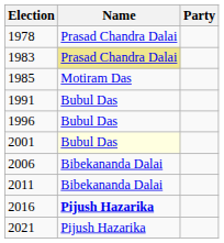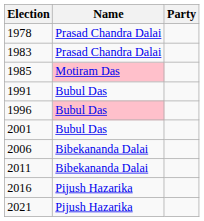 <table class="wikitable sortable">
 <tr>
 <th>Election</th>
 <th>Name</th>
 <th colspan=2>Party</th>
 </tr>
 <tr>
 <td>1978</td>
 <td><a href='#'>Prasad Chandra Dalai</a></td>
 <td></td>
 </tr>
 <tr>
 <td>1983</td>
-<td style="background: khaki;"><a href='#'>Prasad Chandra Dalai</a></td>
+<td><a href='#'>Prasad Chandra Dalai</a></td>
 <td></td>
 </tr>
 <tr>
 <td>1985</td>
-<td><a href='#'>Motiram Das</a></td>
+<td style="background: pink;"><a href='#'>Motiram Das</a></td>
 <td></td>
 </tr>
 <tr>
 <td>1991</td>
 <td><a href='#'>Bubul Das</a></td>
 <td></td>
 </tr>
 <tr>
 <td>1996</td>
-<td><a href='#'>Bubul Das</a></td>
+<td style="background: pink;"><a href='#'>Bubul Das</a></td>
 <td></td>
 </tr>
 <tr>
 <td>2001</td>
-<td style="background: lightyellow;"><a href='#'>Bubul Das</a></td>
+<td><a href='#'>Bubul Das</a></td>
 <td></td>
 </tr>
 <tr>
 <td>2006</td>
 <td><a href='#'>Bibekananda Dalai</a></td>
 <td></td>
 </tr>
 <tr>
 <td>2011</td>
 <td><a href='#'>Bibekananda Dalai</a></td>
 <td></td>
 </tr>
 <tr>
 <td>2016</td>
-<td><strong><a href='#'>Pijush Hazarika</a></strong></td>
+<td><a href='#'>Pijush Hazarika</a></td>
 <td></td>
 </tr>
 <tr>
 <td>2021</td>
 <td><a href='#'>Pijush Hazarika</a></td>
 <td></td>
 </tr>
 </table>
